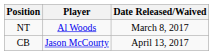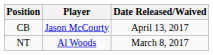 <table class="wikitable">
 <tr>
 <th>Position</th>
 <th>Player</th>
 <th>Date Released/Waived</th>
 </tr>
 <tr align="center">
+<td>CB</td>
+<td><a href='#'>Jason McCourty</a></td>
+<td>April 13, 2017</td>
+</tr>
+<tr align="center">
 <td>NT</td>
 <td><a href='#'>Al Woods</a></td>
 <td>March 8, 2017</td>
 </tr>
-<tr align="center">
-<td>CB</td>
-<td><a href='#'>Jason McCourty</a></td>
-<td>April 13, 2017</td>
-</tr>
 </table>
